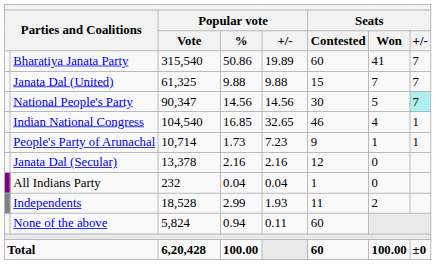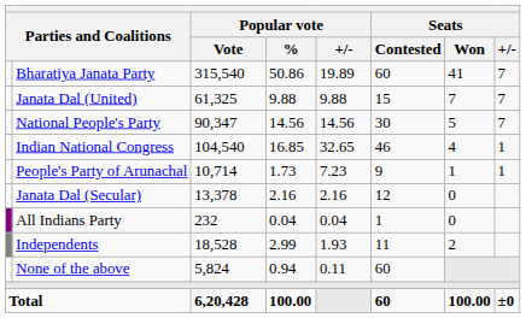 <table class="wikitable sortable">
 <tr>
 <th colspan=8></th>
 </tr>
 <tr>
 <th colspan="2" rowspan="2" width="150">Parties and Coalitions</th>
 <th colspan="3">Popular vote</th>
 <th colspan="3">Seats</th>
 </tr>
 <tr>
 <th width="70">Vote</th>
 <th width="45">%</th>
 <th width ="50">+/-</th>
 <th>Contested</th>
 <th>Won</th>
 <th>+/-</th>
 </tr>
 <tr>
 <td style="background-color:"></td>
 <td><a href='#'>Bharatiya Janata Party</a></td>
 <td>315,540</td>
 <td>50.86</td>
 <td>19.89</td>
 <td>60</td>
 <td>41</td>
 <td>7</td>
 </tr>
 <tr>
 <td style="background-color: "></td>
 <td><a href='#'>Janata Dal (United)</a></td>
 <td>61,325</td>
 <td>9.88</td>
 <td>9.88</td>
 <td>15</td>
 <td>7</td>
 <td>7</td>
 </tr>
 <tr>
 <td style="background-color: "></td>
 <td><a href='#'>National People's Party</a></td>
 <td>90,347</td>
 <td>14.56</td>
 <td>14.56</td>
 <td>30</td>
 <td>5</td>
-<td style="background: paleturquoise;">7</td>
+<td>7</td>
 </tr>
 <tr>
 <td style="background-color: "></td>
 <td><a href='#'>Indian National Congress</a></td>
 <td>104,540</td>
 <td>16.85</td>
 <td>32.65</td>
 <td>46</td>
 <td>4</td>
 <td>1</td>
 </tr>
 <tr>
 <td style="background-color: "></td>
 <td><a href='#'>People's Party of Arunachal</a></td>
 <td>10,714</td>
 <td>1.73</td>
 <td>7.23</td>
 <td>9</td>
 <td>1</td>
 <td>1</td>
 </tr>
 <tr>
 <td style="background-color: "></td>
 <td><a href='#'>Janata Dal (Secular)</a></td>
 <td>13,378</td>
 <td>2.16</td>
 <td>2.16</td>
 <td>12</td>
 <td>0</td>
 <td></td>
 </tr>
 <tr>
 <td bgcolor=Purple></td>
 <td>All Indians Party</td>
 <td>232</td>
 <td>0.04</td>
 <td>0.04</td>
 <td>1</td>
 <td>0</td>
 <td></td>
 </tr>
 <tr>
 <td style="background-color:grey"></td>
 <td><a href='#'>Independents</a></td>
 <td>18,528</td>
 <td>2.99</td>
 <td>1.93</td>
 <td>11</td>
 <td>2</td>
 <td></td>
 </tr>
 <tr>
 <td></td>
 <td><a href='#'>None of the above</a></td>
 <td>5,824</td>
 <td>0.94</td>
 <td>0.11</td>
 <td>60</td>
 <td Colspan=2 bgcolor="#E9E9E9"></td>
 </tr>
 <tr>
 <td colspan="8" bgcolor="#E9E9E9"></td>
 </tr>
 <tr style="font-weight:bold;">
 <td align="left" colspan="2">Total</td>
 <td>6,20,428</td>
 <td>100.00</td>
 <td bgcolor="#E9E9E9"></td>
 <td>60</td>
 <td>100.00</td>
 <td>±0</td>
 </tr>
 </table>
